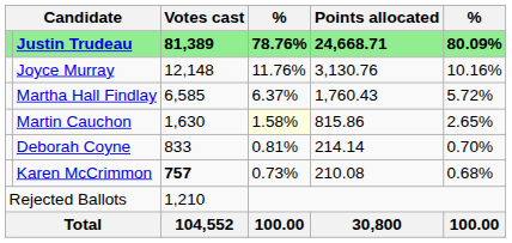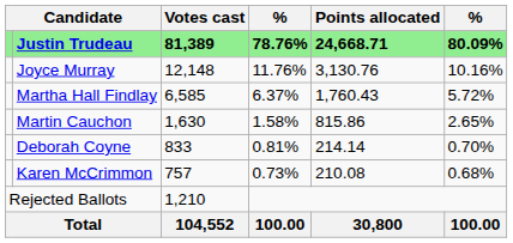 <table class="wikitable">
 <tr>
 <th colspan="2">Candidate</th>
 <th>Votes cast</th>
 <th>%</th>
 <th>Points allocated</th>
 <th>%</th>
 </tr>
 <tr style="text-align:left;background:lightgreen;">
 <td></td>
 <td><a href='#'><strong>Justin Trudeau</strong></a></td>
 <td><strong>81,389</strong></td>
 <td><strong>78.76%</strong></td>
 <td><strong>24,668.71</strong></td>
 <td><strong>80.09%</strong></td>
 </tr>
 <tr style="text-align:left;">
 <td></td>
 <td><a href='#'>Joyce Murray</a></td>
 <td>12,148</td>
 <td>11.76%</td>
 <td>3,130.76</td>
 <td>10.16%</td>
 </tr>
 <tr style="text-align:left;">
 <td></td>
 <td><a href='#'>Martha Hall Findlay</a></td>
 <td>6,585</td>
 <td>6.37%</td>
 <td>1,760.43</td>
 <td>5.72%</td>
 </tr>
 <tr style="text-align:left;">
 <td></td>
 <td><a href='#'>Martin Cauchon</a></td>
 <td>1,630</td>
-<td style="background: lightyellow;">1.58%</td>
+<td>1.58%</td>
 <td>815.86</td>
 <td>2.65%</td>
 </tr>
 <tr style="text-align:left;">
 <td></td>
 <td><a href='#'>Deborah Coyne</a></td>
 <td>833</td>
 <td>0.81%</td>
 <td>214.14</td>
 <td>0.70%</td>
 </tr>
 <tr style="text-align:left;">
 <td></td>
 <td><a href='#'>Karen McCrimmon</a></td>
-<td><strong>757</strong></td>
+<td>757</td>
 <td>0.73%</td>
 <td>210.08</td>
 <td>0.68%</td>
 </tr>
 <tr style="text-align:left;">
 <td colspan="2">Rejected Ballots</td>
 <td>1,210</td>
 <td colspan="3"></td>
 </tr>
 <tr style="text-align:left;">
 <th colspan="2">Total</th>
 <th>104,552</th>
 <th>100.00</th>
 <th>30,800</th>
 <th>100.00</th>
 </tr>
 </table>
